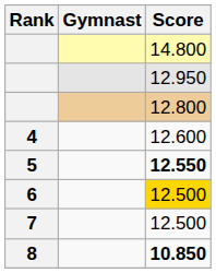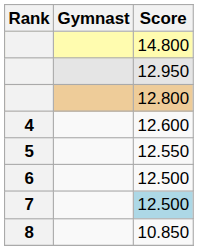 <table class="wikitable sortable" style="text-align:center; font-size:95%">
 <tr>
 <th scope=col>Rank</th>
 <th scope=col>Gymnast</th>
 <th scope=col>Score</th>
 </tr>
 <tr bgcolor=fffcaf>
 <th scope=row style="text-align:center"></th>
 <td align=left></td>
 <td>14.800</td>
 </tr>
 <tr bgcolor=e5e5e5>
 <th scope=row style="text-align:center"></th>
 <td align=left></td>
 <td>12.950</td>
 </tr>
 <tr bgcolor=eecc99>
 <th scope=row style="text-align:center"></th>
 <td align=left></td>
 <td>12.800</td>
 </tr>
 <tr>
 <th>4</th>
 <td align=left></td>
 <td>12.600</td>
 </tr>
 <tr>
 <th>5</th>
 <td align=left></td>
-<td><strong>12.550</strong></td>
+<td>12.550</td>
 </tr>
 <tr>
 <th>6</th>
 <td align=left></td>
-<td style="background: gold;">12.500</td>
+<td>12.500</td>
 </tr>
 <tr>
 <th>7</th>
 <td align=left></td>
-<td>12.500</td>
+<td style="background: lightblue;">12.500</td>
 </tr>
 <tr>
 <th>8</th>
 <td align=left></td>
-<td><strong>10.850</strong></td>
+<td>10.850</td>
 </tr>
 <tr>
 </tr>
 </table>
